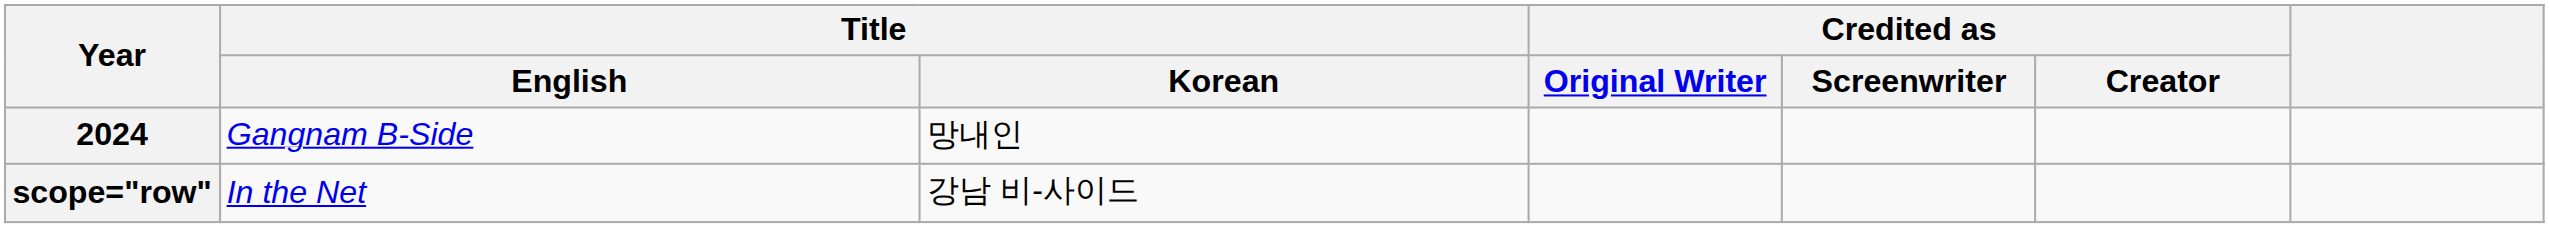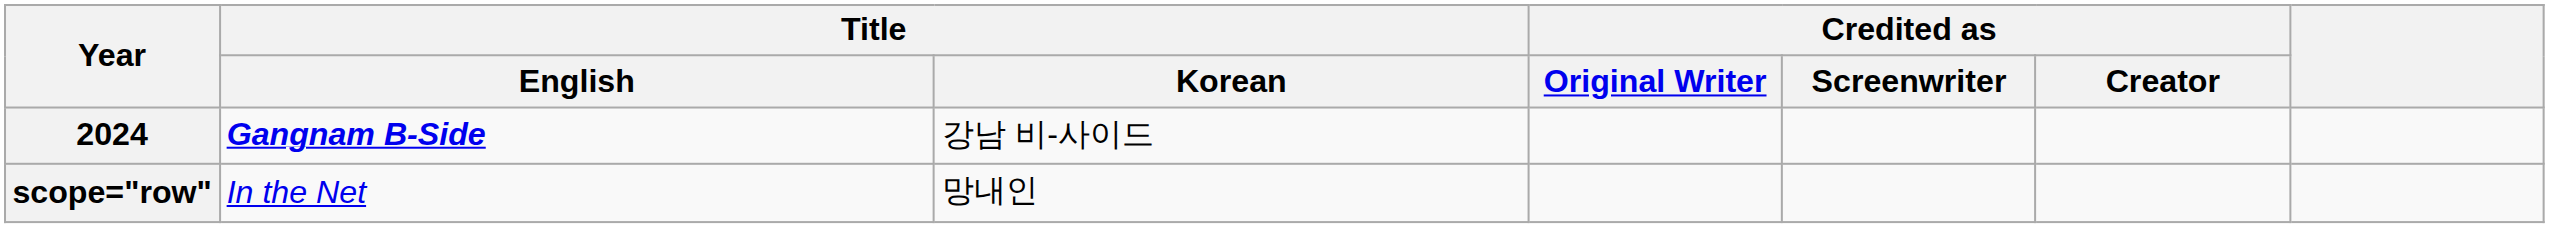 <table class="wikitable sortable plainrowheaders" style="text-align:none; font-size:100%; padding:0 auto; width:100%; margin:auto">
 <tr>
 <th rowspan="2" style="width:5%;">Year</th>
 <th colspan="2">Title</th>
 <th colspan="3">Credited as</th>
 <th rowspan="2" style="width:10%;" class="unsortable"></th>
 </tr>
 <tr>
 <th>English</th>
 <th>Korean</th>
 <th style="width:10%;" class="unsortable"><a href='#'>Original Writer</a></th>
 <th style="width:10%;" class="unsortable">Screenwriter</th>
 <th style="width:10%;" class="unsortable">Creator</th>
 </tr>
 <tr>
 <th scope="row">2024</th>
-<td><em><a href='#'>Gangnam B-Side</a></em></td>
-<td>망내인</td>
+<td><strong><em><a href='#'>Gangnam B-Side</a></em></strong></td>
+<td>강남 비-사이드</td>
 <td></td>
 <td></td>
 <td></td>
 <td></td>
 </tr>
 <tr>
 <th>scope="row" </th>
 <td><em><a href='#'>In the Net</a></em></td>
-<td>강남 비-사이드</td>
+<td>망내인</td>
 <td></td>
 <td></td>
 <td></td>
 <td></td>
 </tr>
 </table>
